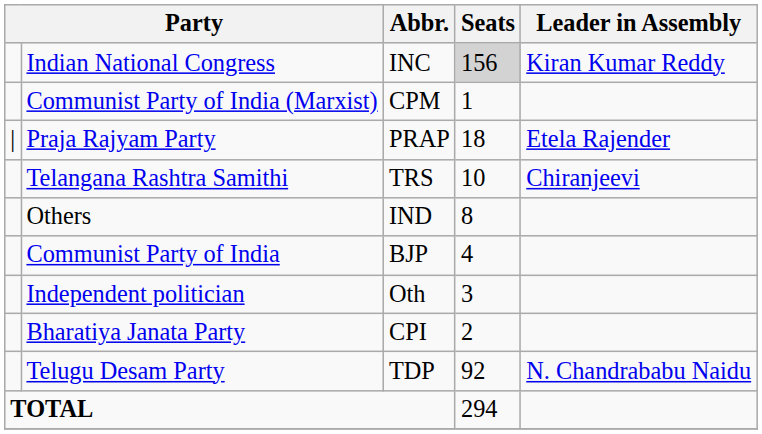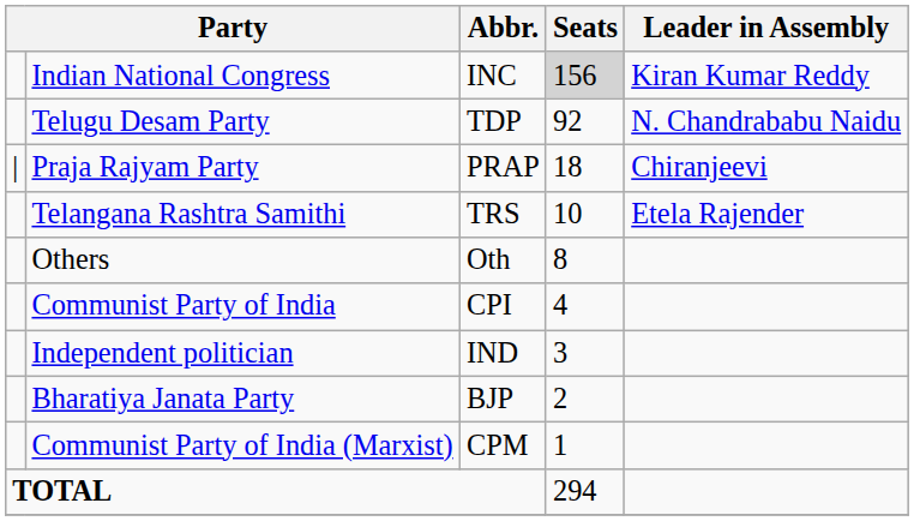 <table class="wikitable sortable">
 <tr>
 <th colspan=2>Party</th>
 <th>Abbr.</th>
 <th>Seats</th>
 <th>Leader in Assembly</th>
 </tr>
 <tr>
 <td></td>
 <td align=left><a href='#'>Indian National Congress</a></td>
 <td align=left>INC</td>
 <td style="background: lightgrey;">156</td>
 <td><a href='#'>Kiran Kumar Reddy</a></td>
 </tr>
 <tr>
 <td></td>
-<td align=left><a href='#'>Communist Party of India (Marxist)</a></td>
-<td align=left>CPM</td>
-<td>1</td>
-<td></td>
+<td align=left><a href='#'>Telugu Desam Party</a></td>
+<td align=left>TDP</td>
+<td>92</td>
+<td><a href='#'>N. Chandrababu Naidu</a></td>
 </tr>
 <tr>
 <td bgcolor=>|</td>
 <td align=left><a href='#'>Praja Rajyam Party</a></td>
 <td align=left>PRAP</td>
 <td>18</td>
-<td><a href='#'>Etela Rajender</a></td>
+<td><a href='#'>Chiranjeevi</a></td>
 </tr>
 <tr>
 <td></td>
 <td align=left><a href='#'>Telangana Rashtra Samithi</a></td>
 <td align=left>TRS</td>
 <td>10</td>
-<td><a href='#'>Chiranjeevi</a></td>
+<td><a href='#'>Etela Rajender</a></td>
 </tr>
 <tr>
 <td></td>
 <td align=left>Others</td>
-<td align=left>IND</td>
+<td align=left>Oth</td>
 <td>8</td>
 <td></td>
 </tr>
 <tr>
 <td></td>
 <td align=left><a href='#'>Communist Party of India</a></td>
-<td align=left>BJP</td>
+<td align=left>CPI</td>
 <td>4</td>
 <td></td>
 </tr>
 <tr>
 <td></td>
 <td align=left><a href='#'>Independent politician</a></td>
-<td align=left>Oth</td>
+<td align=left>IND</td>
 <td>3</td>
 <td></td>
 </tr>
 <tr>
 <td></td>
 <td align=left><a href='#'>Bharatiya Janata Party</a></td>
-<td align=left>CPI</td>
+<td align=left>BJP</td>
 <td>2</td>
 <td></td>
 </tr>
 <tr>
 <td></td>
-<td align=left><a href='#'>Telugu Desam Party</a></td>
-<td align=left>TDP</td>
-<td>92</td>
-<td><a href='#'>N. Chandrababu Naidu</a></td>
+<td align=left><a href='#'>Communist Party of India (Marxist)</a></td>
+<td align=left>CPM</td>
+<td>1</td>
+<td></td>
 </tr>
 <tr>
 <td colspan="3"><strong>TOTAL</strong></td>
 <td>294</td>
 <td></td>
 </tr>
 <tr>
 </tr>
 </table>
